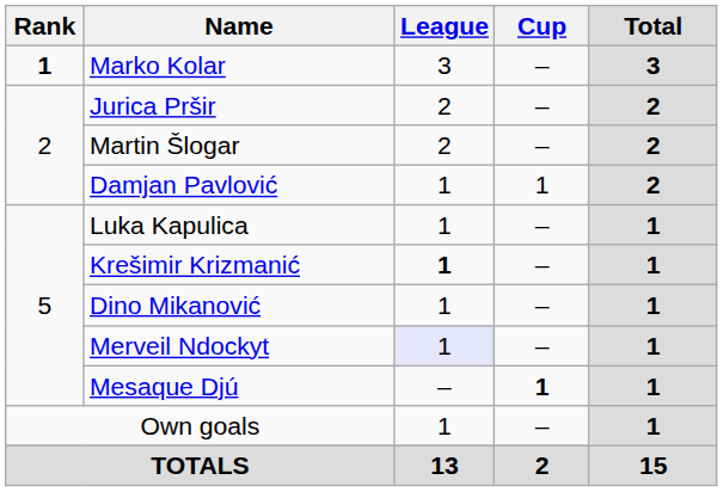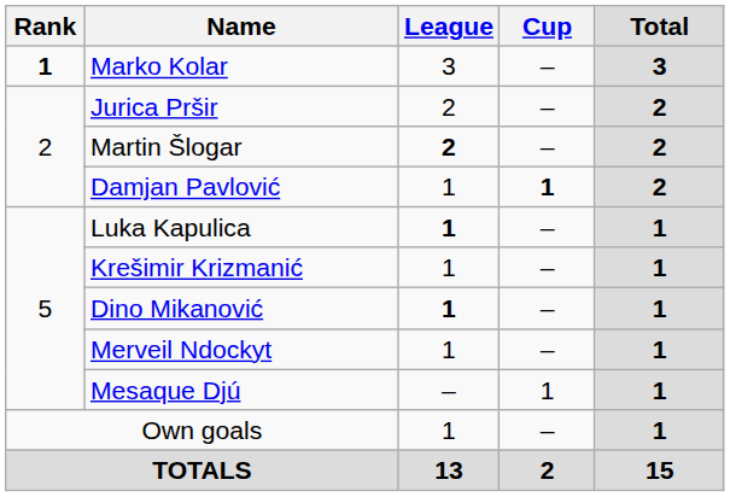 <table class="wikitable" style="font-size: 95%; text-align: center;">
 <tr>
 <th width=40>Rank</th>
 <th width=180>Name</th>
 <th width=50><a href='#'>League</a></th>
 <th width=50><a href='#'>Cup</a></th>
 <th width=70 style="background: #DCDCDC">Total</th>
 </tr>
 <tr>
 <td rowspan=1><strong>1</strong></td>
 <td style="text-align:left;"> <a href='#'>Marko Kolar</a></td>
 <td>3</td>
 <td>–</td>
 <th style="background: #DCDCDC">3</th>
 </tr>
 <tr>
 <td rowspan=3>2</td>
 <td style="text-align:left;"> <a href='#'>Jurica Pršir</a></td>
 <td>2</td>
 <td>–</td>
 <th style="background: #DCDCDC">2</th>
 </tr>
 <tr>
 <td style="text-align:left;"> Martin Šlogar</td>
-<td>2</td>
+<td><strong>2</strong></td>
 <td>–</td>
 <th style="background: #DCDCDC">2</th>
 </tr>
 <tr>
 <td style="text-align:left;"> <a href='#'>Damjan Pavlović</a></td>
 <td>1</td>
-<td>1</td>
+<td><strong>1</strong></td>
 <th style="background: #DCDCDC">2</th>
 </tr>
 <tr>
 <td rowspan=5>5</td>
 <td style="text-align:left;"> Luka Kapulica</td>
+<td><strong>1</strong></td>
+<td>–</td>
+<th style="background: #DCDCDC">1</th>
+</tr>
+<tr>
+<td style="text-align:left;"> <a href='#'>Krešimir Krizmanić</a></td>
 <td>1</td>
 <td>–</td>
 <th style="background: #DCDCDC">1</th>
 </tr>
 <tr>
-<td style="text-align:left;"> <a href='#'>Krešimir Krizmanić</a></td>
+<td style="text-align:left;"> <a href='#'>Dino Mikanović</a></td>
 <td><strong>1</strong></td>
 <td>–</td>
 <th style="background: #DCDCDC">1</th>
 </tr>
 <tr>
-<td style="text-align:left;"> <a href='#'>Dino Mikanović</a></td>
+<td style="text-align:left;"> <a href='#'>Merveil Ndockyt</a></td>
 <td>1</td>
-<td>–</td>
-<th style="background: #DCDCDC">1</th>
-</tr>
-<tr>
-<td style="text-align:left;"> <a href='#'>Merveil Ndockyt</a></td>
-<td style="background: lavender;">1</td>
 <td>–</td>
 <th style="background: #DCDCDC">1</th>
 </tr>
 <tr>
 <td style="text-align:left;"> <a href='#'>Mesaque Djú</a></td>
 <td>–</td>
-<td><strong>1</strong></td>
+<td>1</td>
 <th style="background: #DCDCDC">1</th>
 </tr>
 <tr>
 <td colspan=2 style="text-align:center;">Own goals</td>
 <td>1</td>
 <td>–</td>
 <th style="background: #DCDCDC">1</th>
 </tr>
 <tr>
 <th colspan="2" align="center" style="background: #DCDCDC">TOTALS</th>
 <th style="background: #DCDCDC">13</th>
 <th style="background: #DCDCDC">2</th>
 <th style="background: #DCDCDC">15</th>
 </tr>
 </table>
